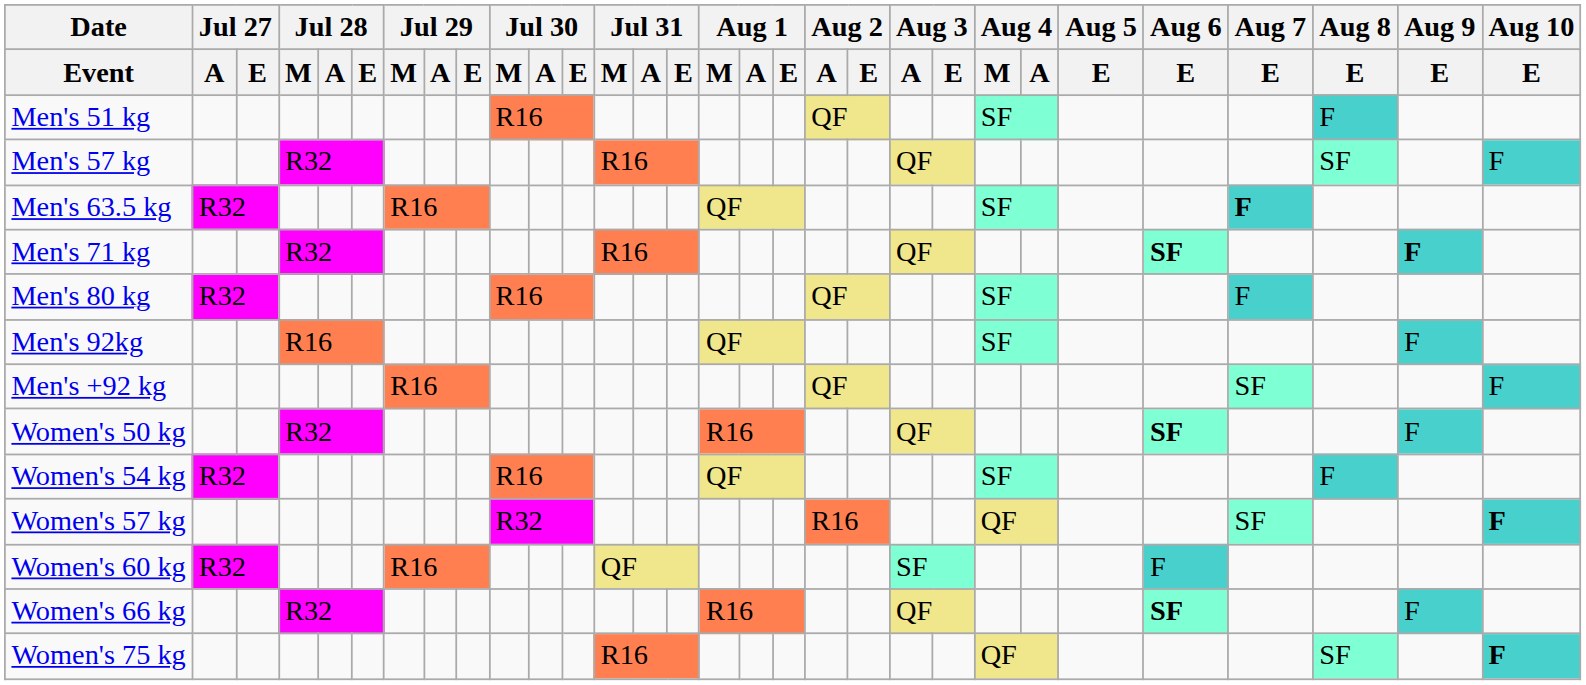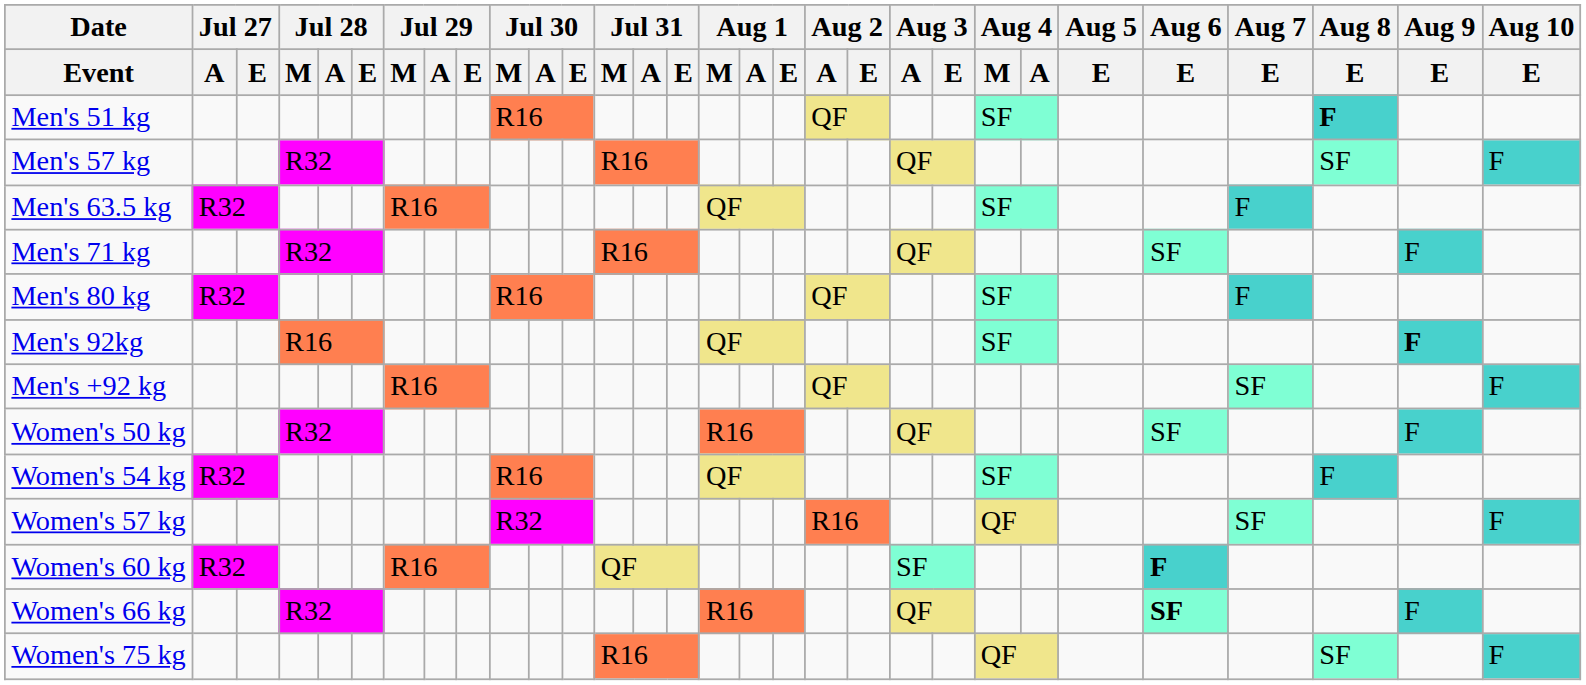 <table class="wikitable olympic-schedule Boxing">
 <tr>
 <th>Date</th>
 <th colspan="2">Jul 27</th>
 <th colspan="3">Jul 28</th>
 <th colspan="3">Jul 29</th>
 <th colspan="3">Jul 30</th>
 <th colspan="3">Jul 31</th>
 <th colspan="3">Aug 1</th>
 <th colspan="2">Aug 2</th>
 <th colspan="2">Aug 3</th>
 <th colspan="2">Aug 4</th>
 <th>Aug 5</th>
 <th>Aug 6</th>
 <th>Aug 7</th>
 <th>Aug 8</th>
 <th>Aug 9</th>
 <th>Aug 10</th>
 </tr>
 <tr>
 <th>Event</th>
 <th>A</th>
 <th>E</th>
 <th>M</th>
 <th>A</th>
 <th>E</th>
 <th>M</th>
 <th>A</th>
 <th>E</th>
 <th>M</th>
 <th>A</th>
 <th>E</th>
 <th>M</th>
 <th>A</th>
 <th>E</th>
 <th>M</th>
 <th>A</th>
 <th>E</th>
 <th>A</th>
 <th>E</th>
 <th>A</th>
 <th>E</th>
 <th>M</th>
 <th>A</th>
 <th>E</th>
 <th>E</th>
 <th>E</th>
 <th>E</th>
 <th>E</th>
 <th>E</th>
 </tr>
 <tr>
 <td class="event"><a href='#'>Men's 51 kg</a></td>
 <td></td>
 <td></td>
 <td></td>
 <td></td>
 <td></td>
 <td></td>
 <td></td>
 <td></td>
 <td colspan="3" bgcolor="#FF7F50" class="roundof16">R16</td>
 <td></td>
 <td></td>
 <td></td>
 <td></td>
 <td></td>
 <td></td>
 <td colspan="2" bgcolor="#F0E68C" class="quarterfinals">QF</td>
 <td></td>
 <td></td>
 <td colspan="2" bgcolor="#7FFFD4" class="semifinals">SF</td>
 <td></td>
 <td></td>
 <td></td>
-<td bgcolor="#48D1CC" class="final">F</td>
+<td bgcolor="#48D1CC" class="final"><strong>F</strong></td>
 <td></td>
 <td></td>
 </tr>
 <tr>
 <td class="event"><a href='#'>Men's 57 kg</a></td>
 <td></td>
 <td></td>
 <td colspan="3" bgcolor="#FF00FF" class="roundof32">R32</td>
 <td></td>
 <td></td>
 <td></td>
 <td></td>
 <td></td>
 <td></td>
 <td colspan="3" bgcolor="#FF7F50" class="roundof16">R16</td>
 <td></td>
 <td></td>
 <td></td>
 <td></td>
 <td></td>
 <td colspan="2" bgcolor="#F0E68C" class="quarterfinals">QF</td>
 <td></td>
 <td></td>
 <td></td>
 <td></td>
 <td></td>
 <td bgcolor="#7FFFD4" class="semifinals">SF</td>
 <td></td>
 <td bgcolor="#48D1CC" class="final">F</td>
 </tr>
 <tr>
 <td class="event"><a href='#'>Men's 63.5 kg</a></td>
 <td colspan="2" bgcolor="#FF00FF" class="roundof32">R32</td>
 <td></td>
 <td></td>
 <td></td>
 <td colspan="3" bgcolor="#FF7F50" class="roundof16">R16</td>
 <td></td>
 <td></td>
 <td></td>
 <td></td>
 <td></td>
 <td></td>
 <td colspan="3" bgcolor="#F0E68C" class="quarterfinals">QF</td>
 <td></td>
 <td></td>
 <td></td>
 <td></td>
 <td colspan="2" bgcolor="#7FFFD4" class="semifinals">SF</td>
 <td></td>
 <td></td>
-<td bgcolor="#48D1CC" class="final"><strong>F</strong></td>
+<td bgcolor="#48D1CC" class="final">F</td>
 <td></td>
 <td></td>
 <td></td>
 </tr>
 <tr>
 <td class="event"><a href='#'>Men's 71 kg</a></td>
 <td></td>
 <td></td>
 <td colspan="3" bgcolor="#FF00FF" class="roundof32">R32</td>
 <td></td>
 <td></td>
 <td></td>
 <td></td>
 <td></td>
 <td></td>
 <td colspan="3" bgcolor="#FF7F50" class="roundof16">R16</td>
 <td></td>
 <td></td>
 <td></td>
 <td></td>
 <td></td>
 <td colspan="2" bgcolor="#F0E68C" class="quarterfinals">QF</td>
 <td></td>
 <td></td>
 <td></td>
-<td bgcolor="#7FFFD4" class="semifinals"><strong>SF</strong></td>
+<td bgcolor="#7FFFD4" class="semifinals">SF</td>
 <td></td>
 <td></td>
-<td bgcolor="#48D1CC" class="final"><strong>F</strong></td>
+<td bgcolor="#48D1CC" class="final">F</td>
 <td></td>
 </tr>
 <tr>
 <td class="event"><a href='#'>Men's 80 kg</a></td>
 <td colspan="2" bgcolor="#FF00FF" class="roundof32">R32</td>
 <td></td>
 <td></td>
 <td></td>
 <td></td>
 <td></td>
 <td></td>
 <td colspan="3" bgcolor="#FF7F50" class="roundof16">R16</td>
 <td></td>
 <td></td>
 <td></td>
 <td></td>
 <td></td>
 <td></td>
 <td colspan="2" bgcolor="#F0E68C" class="quarterfinals">QF</td>
 <td></td>
 <td></td>
 <td colspan="2" bgcolor="#7FFFD4" class="semifinals">SF</td>
 <td></td>
 <td></td>
 <td bgcolor="#48D1CC" class="final">F</td>
 <td></td>
 <td></td>
 <td></td>
 </tr>
 <tr>
 <td class="event"><a href='#'>Men's 92kg</a></td>
 <td></td>
 <td></td>
 <td colspan="3" bgcolor="#FF7F50" class="roundof16">R16</td>
 <td></td>
 <td></td>
 <td></td>
 <td></td>
 <td></td>
 <td></td>
 <td></td>
 <td></td>
 <td></td>
 <td colspan="3" bgcolor="#F0E68C" class="quarterfinals">QF</td>
 <td></td>
 <td></td>
 <td></td>
 <td></td>
 <td colspan="2" bgcolor="#7FFFD4" class="semifinals">SF</td>
 <td></td>
 <td></td>
 <td></td>
 <td></td>
-<td bgcolor="#48D1CC" class="final">F</td>
+<td bgcolor="#48D1CC" class="final"><strong>F</strong></td>
 <td></td>
 </tr>
 <tr>
 <td class="event"><a href='#'>Men's +92 kg</a></td>
 <td></td>
 <td></td>
 <td></td>
 <td></td>
 <td></td>
 <td colspan="3" bgcolor="#FF7F50" class="roundof16">R16</td>
 <td></td>
 <td></td>
 <td></td>
 <td></td>
 <td></td>
 <td></td>
 <td></td>
 <td></td>
 <td></td>
 <td colspan="2" bgcolor="#F0E68C" class="quarterfinals">QF</td>
 <td></td>
 <td></td>
 <td></td>
 <td></td>
 <td></td>
 <td></td>
 <td bgcolor="#7FFFD4" class="semifinals">SF</td>
 <td></td>
 <td></td>
 <td bgcolor="#48D1CC" class="final">F</td>
 </tr>
 <tr>
 <td class="event"><a href='#'>Women's 50 kg</a></td>
 <td></td>
 <td></td>
 <td colspan="3" bgcolor="#FF00FF" class="roundof32">R32</td>
 <td></td>
 <td></td>
 <td></td>
 <td></td>
 <td></td>
 <td></td>
 <td></td>
 <td></td>
 <td></td>
 <td colspan="3" bgcolor="#FF7F50" class="roundof16">R16</td>
 <td></td>
 <td></td>
 <td colspan="2" bgcolor="#F0E68C" class="quarterfinals">QF</td>
 <td></td>
 <td></td>
 <td></td>
-<td bgcolor="#7FFFD4" class="semifinals"><strong>SF</strong></td>
+<td bgcolor="#7FFFD4" class="semifinals">SF</td>
 <td></td>
 <td></td>
 <td bgcolor="#48D1CC" class="final">F</td>
 <td></td>
 </tr>
 <tr>
 <td class="event"><a href='#'>Women's 54 kg</a></td>
 <td colspan="2" bgcolor="#FF00FF" class="roundof32">R32</td>
 <td></td>
 <td></td>
 <td></td>
 <td></td>
 <td></td>
 <td></td>
 <td colspan="3" bgcolor="#FF7F50" class="roundof16">R16</td>
 <td></td>
 <td></td>
 <td></td>
 <td colspan="3" bgcolor="#F0E68C" class="quarterfinals">QF</td>
 <td></td>
 <td></td>
 <td></td>
 <td></td>
 <td colspan=2 bgcolor="#7FFFD4" class="semifinals">SF</td>
 <td></td>
 <td></td>
 <td></td>
 <td bgcolor="#48D1CC" class="final">F</td>
 <td></td>
 <td></td>
 </tr>
 <tr>
 <td class="event"><a href='#'>Women's 57 kg</a></td>
 <td></td>
 <td></td>
 <td></td>
 <td></td>
 <td></td>
 <td></td>
 <td></td>
 <td></td>
 <td colspan="3" bgcolor="#FF00FF" class="roundof32">R32</td>
 <td></td>
 <td></td>
 <td></td>
 <td></td>
 <td></td>
 <td></td>
 <td colspan="2" bgcolor="#FF7F50" class="roundof16">R16</td>
 <td></td>
 <td></td>
 <td colspan="2" bgcolor="#F0E68C" class="quarterfinals">QF</td>
 <td></td>
 <td></td>
 <td bgcolor="#7FFFD4" class="semifinals">SF</td>
 <td></td>
 <td></td>
-<td bgcolor="#48D1CC" class="final"><strong>F</strong></td>
+<td bgcolor="#48D1CC" class="final">F</td>
 </tr>
 <tr>
 <td class="event"><a href='#'>Women's 60 kg</a></td>
 <td colspan="2" bgcolor="#FF00FF" class="roundof32">R32</td>
 <td></td>
 <td></td>
 <td></td>
 <td colspan="3" bgcolor="#FF7F50" class="roundof16">R16</td>
 <td></td>
 <td></td>
 <td></td>
 <td colspan="3" bgcolor="#F0E68C" class="quarterfinals">QF</td>
 <td></td>
 <td></td>
 <td></td>
 <td></td>
 <td></td>
 <td colspan="2" bgcolor="#7FFFD4" class="semifinals">SF</td>
 <td></td>
 <td></td>
 <td></td>
-<td bgcolor="#48D1CC" class="final">F</td>
+<td bgcolor="#48D1CC" class="final"><strong>F</strong></td>
 <td></td>
 <td></td>
 <td></td>
 <td></td>
 </tr>
 <tr>
 <td class="event"><a href='#'>Women's 66 kg</a></td>
 <td></td>
 <td></td>
 <td colspan="3" bgcolor="#FF00FF" class="roundof32">R32</td>
 <td></td>
 <td></td>
 <td></td>
 <td></td>
 <td></td>
 <td></td>
 <td></td>
 <td></td>
 <td></td>
 <td colspan="3" bgcolor="#FF7F50" class="roundof16">R16</td>
 <td></td>
 <td></td>
 <td colspan="2" bgcolor="#F0E68C" class="quarterfinals">QF</td>
 <td></td>
 <td></td>
 <td></td>
 <td bgcolor="#7FFFD4" class="semifinals"><strong>SF</strong></td>
 <td></td>
 <td></td>
 <td bgcolor="#48D1CC" class="final">F</td>
 <td></td>
 </tr>
 <tr>
 <td class="event"><a href='#'>Women's 75 kg</a></td>
 <td></td>
 <td></td>
 <td></td>
 <td></td>
 <td></td>
 <td></td>
 <td></td>
 <td></td>
 <td></td>
 <td></td>
 <td></td>
 <td colspan="3" bgcolor="#FF7F50" class="roundof16">R16</td>
 <td></td>
 <td></td>
 <td></td>
 <td></td>
 <td></td>
 <td></td>
 <td></td>
 <td colspan="2" bgcolor="#F0E68C" class="quarterfinals">QF</td>
 <td></td>
 <td></td>
 <td></td>
 <td bgcolor="#7FFFD4" class="semifinals">SF</td>
 <td></td>
-<td bgcolor="#48D1CC" class="final"><strong>F</strong></td>
+<td bgcolor="#48D1CC" class="final">F</td>
 </tr>
 </table>
